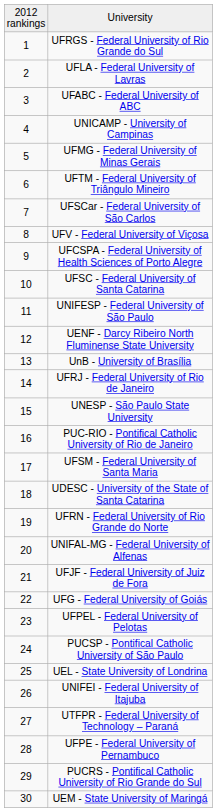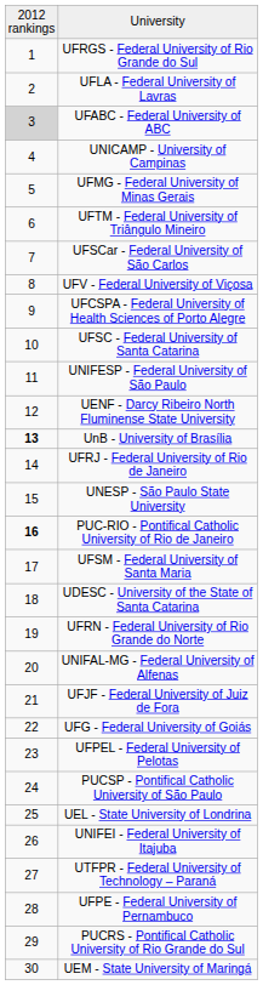 <table class="wikitable sortable">
 <tr style="background:#efefef;">
 <td style="width:50px; text-align:center;">2012 rankings</td>
 <td style="width:250px; text-align:center;">University</td>
 </tr>
 <tr style="text-align:center;">
 <td style="width:50px; ">1</td>
 <td style="width:250px; text-align:center;">UFRGS - <a href='#'>Federal University of Rio Grande do Sul</a></td>
 </tr>
 <tr>
 <td style="width:50px; text-align:center;">2</td>
 <td style="width:250px; text-align:center;">UFLA - <a href='#'>Federal University of Lavras</a></td>
 </tr>
 <tr>
-<td style="width:50px; text-align:center;">3</td>
+<td style="background: lightgrey; width:50px; text-align:center;">3</td>
 <td style="width:250px; text-align:center;">UFABC - <a href='#'>Federal University of ABC</a></td>
 </tr>
 <tr>
 <td style="width:50px; text-align:center;">4</td>
 <td style="width:250px; text-align:center;">UNICAMP - <a href='#'>University of Campinas</a></td>
 </tr>
 <tr>
 <td style="width:50px; text-align:center;">5</td>
 <td style="width:250px; text-align:center;">UFMG - <a href='#'>Federal University of Minas Gerais</a></td>
 </tr>
 <tr>
 <td style="width:50px; text-align:center;">6</td>
 <td style="width:250px; text-align:center;">UFTM - <a href='#'>Federal University of Triângulo Mineiro</a></td>
 </tr>
 <tr>
 <td style="width:50px; text-align:center;">7</td>
 <td style="width:250px; text-align:center;">UFSCar - <a href='#'>Federal University of São Carlos</a></td>
 </tr>
 <tr>
 <td style="width:50px; text-align:center;">8</td>
 <td style="width:250px; text-align:center;">UFV - <a href='#'>Federal University of Viçosa</a></td>
 </tr>
 <tr>
 <td style="width:50px; text-align:center;">9</td>
 <td style="width:250px; text-align:center;">UFCSPA - <a href='#'>Federal University of Health Sciences of Porto Alegre</a></td>
 </tr>
 <tr>
 <td style="width:50px; text-align:center;">10</td>
 <td style="width:250px; text-align:center;">UFSC - <a href='#'>Federal University of Santa Catarina</a></td>
 </tr>
 <tr>
 <td style="width:50px; text-align:center;">11</td>
 <td style="width:250px; text-align:center;">UNIFESP - <a href='#'>Federal University of São Paulo</a></td>
 </tr>
 <tr>
 <td style="width:50px; text-align:center;">12</td>
 <td style="width:250px; text-align:center;">UENF - <a href='#'>Darcy Ribeiro North Fluminense State University</a></td>
 </tr>
 <tr>
-<td style="width:50px; text-align:center;">13</td>
+<td style="width:50px; text-align:center;"><strong>13</strong></td>
 <td style="width:250px; text-align:center;">UnB - <a href='#'>University of Brasília</a></td>
 </tr>
 <tr>
 <td style="width:50px; text-align:center;">14</td>
 <td style="width:250px; text-align:center;">UFRJ - <a href='#'>Federal University of Rio de Janeiro</a></td>
 </tr>
 <tr>
 <td style="width:50px; text-align:center;">15</td>
 <td style="width:250px; text-align:center;">UNESP - <a href='#'>São Paulo State University</a></td>
 </tr>
 <tr>
-<td style="width:50px; text-align:center;">16</td>
+<td style="width:50px; text-align:center;"><strong>16</strong></td>
 <td style="width:250px; text-align:center;">PUC-RIO - <a href='#'>Pontifical Catholic University of Rio de Janeiro</a></td>
 </tr>
 <tr>
 <td style="width:50px; text-align:center;">17</td>
 <td style="width:250px; text-align:center;">UFSM - <a href='#'>Federal University of Santa Maria</a></td>
 </tr>
 <tr>
 <td style="width:50px; text-align:center;">18</td>
 <td style="width:250px; text-align:center;">UDESC - <a href='#'>University of the State of Santa Catarina</a></td>
 </tr>
 <tr>
 <td style="width:50px; text-align:center;">19</td>
 <td style="width:250px; text-align:center;">UFRN - <a href='#'>Federal University of Rio Grande do Norte</a></td>
 </tr>
 <tr>
 <td style="width:50px; text-align:center;">20</td>
 <td style="width:250px; text-align:center;">UNIFAL-MG - <a href='#'>Federal University of Alfenas</a></td>
 </tr>
 <tr>
 <td style="width:50px; text-align:center;">21</td>
 <td style="width:250px; text-align:center;">UFJF - <a href='#'>Federal University of Juiz de Fora</a></td>
 </tr>
 <tr>
 <td style="width:50px; text-align:center;">22</td>
 <td style="width:250px; text-align:center;">UFG - <a href='#'>Federal University of Goiás</a></td>
 </tr>
 <tr>
 <td style="width:50px; text-align:center;">23</td>
 <td style="width:250px; text-align:center;">UFPEL - <a href='#'>Federal University of Pelotas</a></td>
 </tr>
 <tr>
 <td style="width:50px; text-align:center;">24</td>
 <td style="width:250px; text-align:center;">PUCSP - <a href='#'>Pontifical Catholic University of São Paulo</a></td>
 </tr>
 <tr>
 <td style="width:50px; text-align:center;">25</td>
 <td style="width:250px; text-align:center;">UEL - <a href='#'>State University of Londrina</a></td>
 </tr>
 <tr>
 <td style="width:50px; text-align:center;">26</td>
 <td style="width:250px; text-align:center;">UNIFEI - <a href='#'>Federal University of Itajuba</a></td>
 </tr>
 <tr>
 <td style="width:50px; text-align:center;">27</td>
 <td style="width:250px; text-align:center;">UTFPR - <a href='#'>Federal University of Technology – Paraná</a></td>
 </tr>
 <tr>
 <td style="width:50px; text-align:center;">28</td>
 <td style="width:250px; text-align:center;">UFPE - <a href='#'>Federal University of Pernambuco</a></td>
 </tr>
 <tr>
 <td style="width:50px; text-align:center;">29</td>
 <td style="width:250px; text-align:center;">PUCRS - <a href='#'>Pontifical Catholic University of Rio Grande do Sul</a></td>
 </tr>
 <tr>
 <td style="width:50px; text-align:center;">30</td>
 <td style="width:250px; text-align:center;">UEM - <a href='#'>State University of Maringá</a></td>
 </tr>
 </table>
